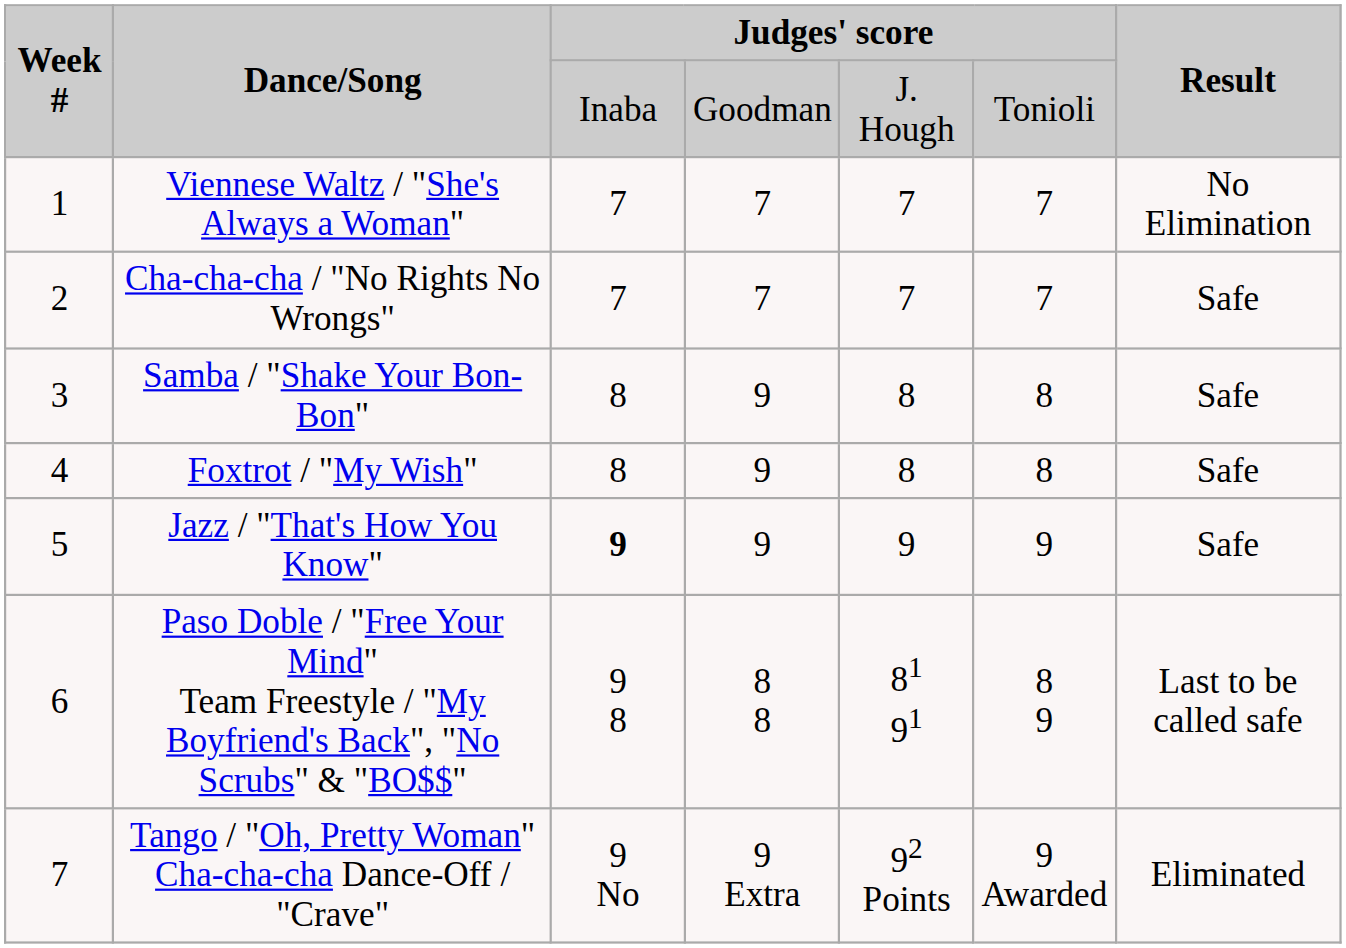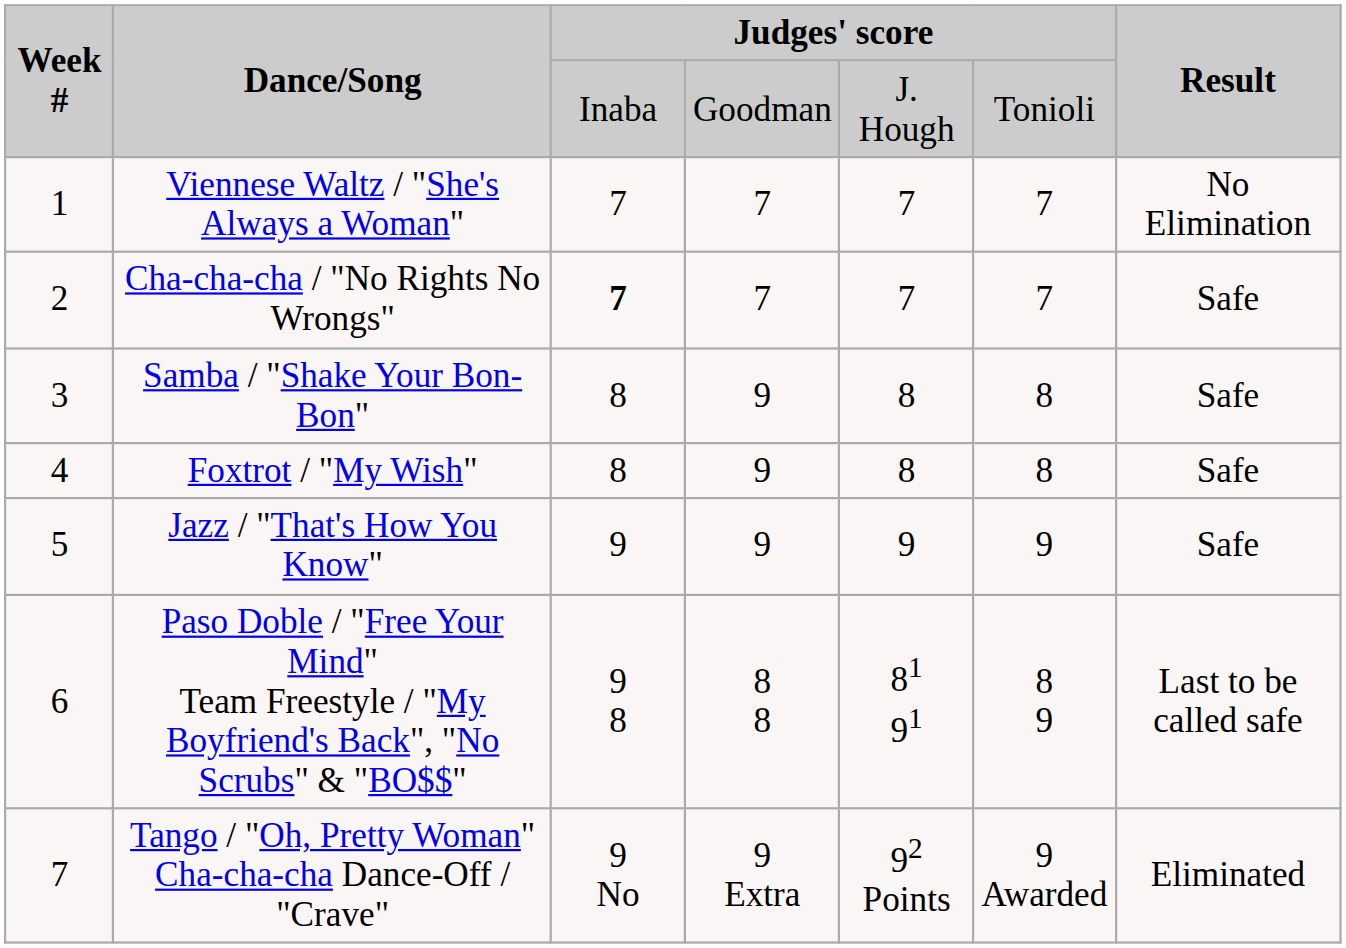 <table class="wikitable" style="float:left;">
 <tr style="text-align:Center; background:#ccc;">
 <td rowspan="2"><strong>Week #</strong></td>
 <td rowspan="2"><strong>Dance/Song</strong></td>
 <td colspan="4"><strong>Judges' score</strong></td>
 <td rowspan="2"><strong>Result</strong></td>
 </tr>
 <tr style="text-align:center; background:#ccc;">
 <td style="width:10%; ">Inaba</td>
 <td style="width:10%; ">Goodman</td>
 <td style="width:10%; ">J. Hough</td>
 <td style="width:10%; ">Tonioli</td>
 </tr>
 <tr style="text-align:center; background:#faf6f6;">
 <td>1</td>
 <td><a href='#'>Viennese Waltz</a> / "<a href='#'>She's Always a Woman</a>"</td>
 <td>7</td>
 <td>7</td>
 <td>7</td>
 <td>7</td>
 <td>No Elimination</td>
 </tr>
 <tr style="text-align:center; background:#faf6f6;">
 <td>2</td>
 <td><a href='#'>Cha-cha-cha</a> / "No Rights No Wrongs"</td>
-<td>7</td>
+<td><strong>7</strong></td>
 <td>7</td>
 <td>7</td>
 <td>7</td>
 <td>Safe</td>
 </tr>
 <tr style="text-align:center; background:#faf6f6;">
 <td>3</td>
 <td><a href='#'>Samba</a> / "<a href='#'>Shake Your Bon-Bon</a>"</td>
 <td>8</td>
 <td>9</td>
 <td>8</td>
 <td>8</td>
 <td>Safe</td>
 </tr>
 <tr style="text-align:center; background:#faf6f6;">
 <td>4</td>
 <td><a href='#'>Foxtrot</a> / "<a href='#'>My Wish</a>"</td>
 <td>8</td>
 <td>9</td>
 <td>8</td>
 <td>8</td>
 <td>Safe</td>
 </tr>
 <tr style="text-align:center; background:#faf6f6;">
 <td>5</td>
 <td><a href='#'>Jazz</a> / "<a href='#'>That's How You Know</a>"</td>
-<td><strong>9</strong></td>
+<td>9</td>
 <td>9</td>
 <td>9</td>
 <td>9</td>
 <td>Safe</td>
 </tr>
 <tr style="text-align:center; background:#faf6f6;">
 <td>6</td>
 <td><a href='#'>Paso Doble</a> / "<a href='#'>Free Your Mind</a>"<br>Team Freestyle / "<a href='#'>My Boyfriend's Back</a>", "<a href='#'>No Scrubs</a>" & "<a href='#'>BO$$</a>"</td>
 <td>9<br>8</td>
 <td>8<br>8</td>
 <td>8<sup>1</sup><br>9<sup>1</sup></td>
 <td>8<br>9</td>
 <td>Last to be called safe</td>
 </tr>
 <tr style="text-align:center; background:#faf6f6;">
 <td>7</td>
 <td><a href='#'>Tango</a> / "<a href='#'>Oh, Pretty Woman</a>"<br><a href='#'>Cha-cha-cha</a> Dance-Off / "Crave"</td>
 <td>9<br>No</td>
 <td>9<br>Extra</td>
 <td>9<sup>2</sup><br>Points</td>
 <td>9<br>Awarded</td>
 <td>Eliminated</td>
 </tr>
 </table>
